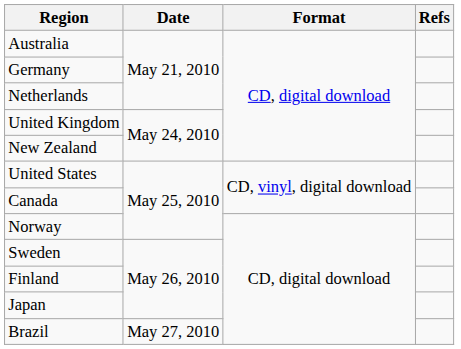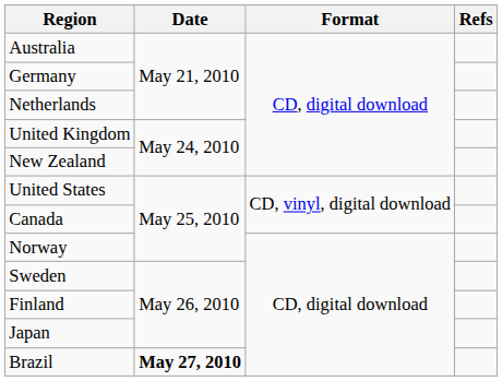 <table class="wikitable" |>
 <tr>
 <th>Region</th>
 <th>Date</th>
 <th>Format</th>
 <th>Refs</th>
 </tr>
 <tr>
 <td>Australia</td>
 <td rowspan=3>May 21, 2010</td>
 <td align=center rowspan=5><a href='#'>CD</a>, <a href='#'>digital download</a></td>
 <td align=center></td>
 </tr>
 <tr>
 <td>Germany</td>
 <td align=center></td>
 </tr>
 <tr>
 <td>Netherlands</td>
 <td align=center></td>
 </tr>
 <tr>
 <td>United Kingdom</td>
 <td rowspan=2>May 24, 2010</td>
 <td align=center></td>
 </tr>
 <tr>
 <td>New Zealand</td>
 <td align=center></td>
 </tr>
 <tr>
 <td>United States</td>
 <td rowspan=3>May 25, 2010</td>
 <td rowspan=2>CD, <a href='#'>vinyl</a>, digital download</td>
 <td align=center></td>
 </tr>
 <tr>
 <td>Canada</td>
 <td align=center></td>
 </tr>
 <tr>
 <td>Norway</td>
 <td align=center rowspan=5>CD, digital download</td>
 <td align=center></td>
 </tr>
 <tr>
 <td>Sweden</td>
 <td rowspan=3>May 26, 2010</td>
 <td align=center></td>
 </tr>
 <tr>
 <td>Finland</td>
 <td align=center></td>
 </tr>
 <tr>
 <td>Japan</td>
 <td align=center></td>
 </tr>
 <tr>
 <td>Brazil</td>
-<td>May 27, 2010</td>
+<td><strong>May 27, 2010</strong></td>
 <td align=center></td>
 </tr>
 </table>
